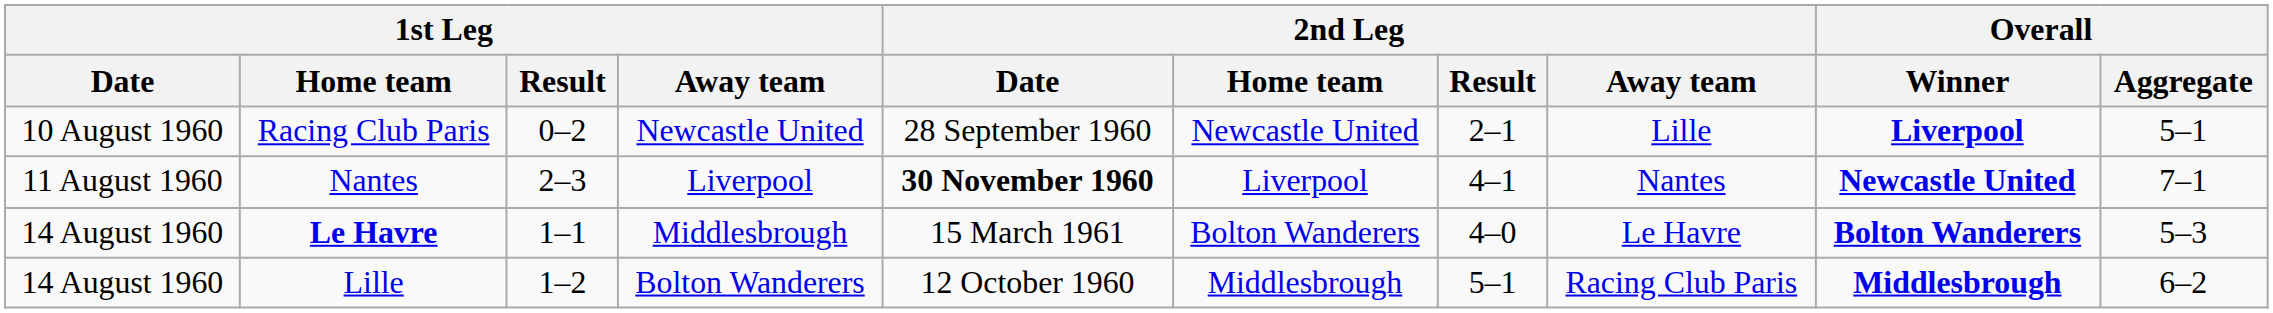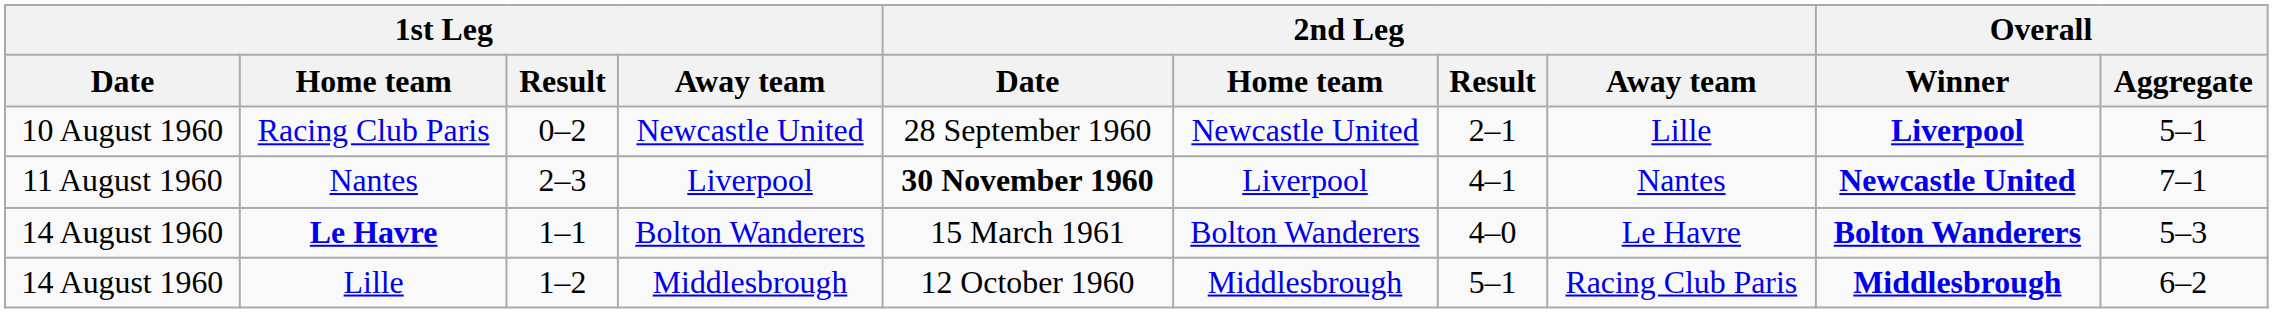 <table class="wikitable" style="text-align:center; width: 90%;">
 <tr>
 <th colspan="4">1st Leg</th>
 <th colspan="4">2nd Leg</th>
 <th colspan="2">Overall</th>
 </tr>
 <tr>
 <th>Date</th>
 <th>Home team</th>
 <th>Result</th>
 <th>Away team</th>
 <th>Date</th>
 <th>Home team</th>
 <th>Result</th>
 <th>Away team</th>
 <th>Winner</th>
 <th>Aggregate</th>
 </tr>
 <tr>
 <td>10 August 1960</td>
 <td><a href='#'>Racing Club Paris</a></td>
 <td>0–2</td>
 <td><a href='#'>Newcastle United</a></td>
 <td>28 September 1960</td>
 <td><a href='#'>Newcastle United</a></td>
 <td>2–1</td>
 <td><a href='#'>Lille</a></td>
 <td><strong><a href='#'>Liverpool</a></strong></td>
 <td>5–1</td>
 </tr>
 <tr>
 <td>11 August 1960</td>
 <td><a href='#'>Nantes</a></td>
 <td>2–3</td>
 <td><a href='#'>Liverpool</a></td>
 <td><strong>30 November 1960</strong></td>
 <td><a href='#'>Liverpool</a></td>
 <td>4–1</td>
 <td><a href='#'>Nantes</a></td>
 <td><strong><a href='#'>Newcastle United</a></strong></td>
 <td>7–1</td>
 </tr>
 <tr>
 <td>14 August 1960</td>
 <td><strong><a href='#'>Le Havre</a></strong></td>
 <td>1–1</td>
-<td><a href='#'>Middlesbrough</a></td>
+<td><a href='#'>Bolton Wanderers</a></td>
 <td>15 March 1961</td>
 <td><a href='#'>Bolton Wanderers</a></td>
 <td>4–0</td>
 <td><a href='#'>Le Havre</a></td>
 <td><strong><a href='#'>Bolton Wanderers</a></strong></td>
 <td>5–3</td>
 </tr>
 <tr>
 <td>14 August 1960</td>
 <td><a href='#'>Lille</a></td>
 <td>1–2</td>
-<td><a href='#'>Bolton Wanderers</a></td>
+<td><a href='#'>Middlesbrough</a></td>
 <td>12 October 1960</td>
 <td><a href='#'>Middlesbrough</a></td>
 <td>5–1</td>
 <td><a href='#'>Racing Club Paris</a></td>
 <td><strong><a href='#'>Middlesbrough</a></strong></td>
 <td>6–2</td>
 </tr>
 </table>
